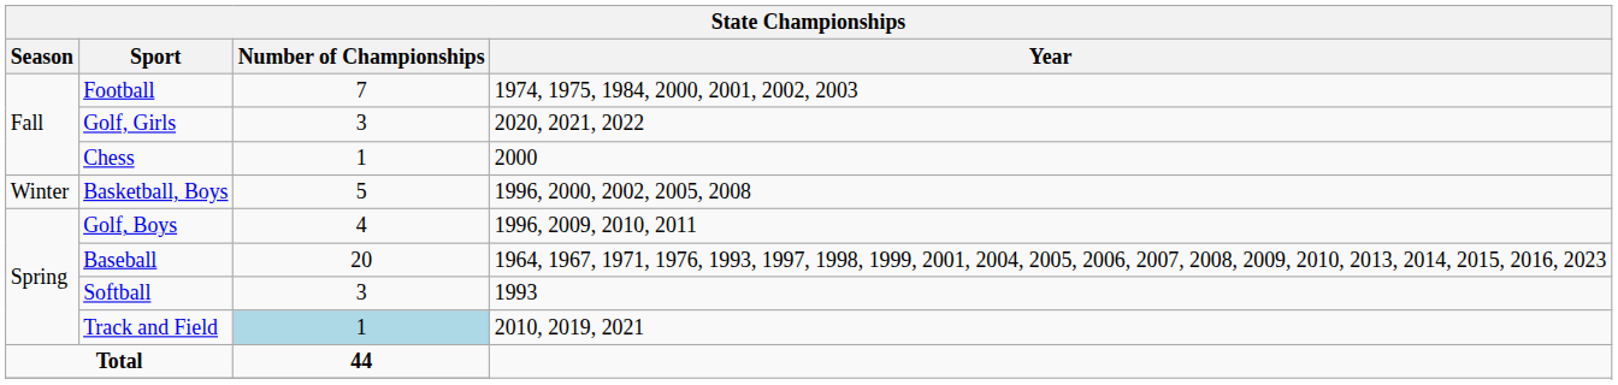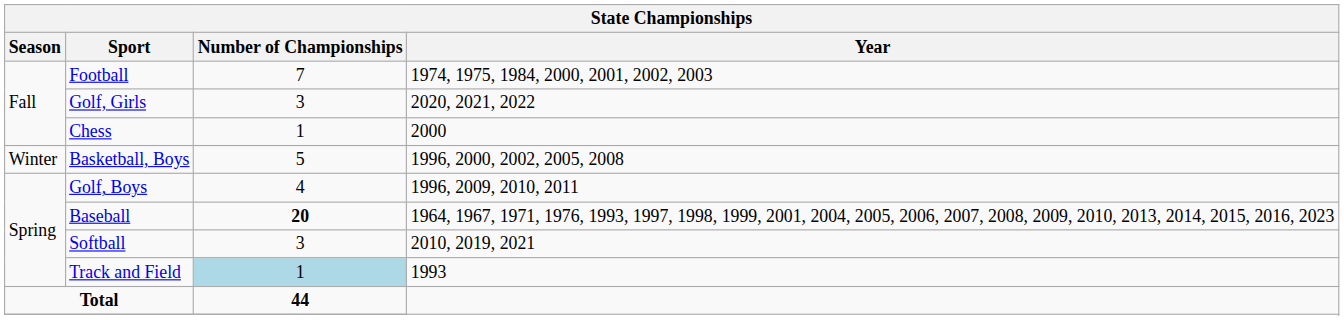 <table class="wikitable">
 <tr>
 <th colspan="4">State Championships</th>
 </tr>
 <tr>
 <th>Season</th>
 <th>Sport</th>
 <th>Number of Championships</th>
 <th>Year</th>
 </tr>
 <tr>
 <td rowspan="3">Fall</td>
 <td><a href='#'>Football</a></td>
 <td align="center">7</td>
 <td>1974, 1975, 1984, 2000, 2001, 2002, 2003</td>
 </tr>
 <tr>
 <td><a href='#'>Golf, Girls</a></td>
 <td align="center">3</td>
 <td>2020, 2021, 2022</td>
 </tr>
 <tr>
 <td><a href='#'>Chess</a></td>
 <td align="center">1</td>
 <td>2000</td>
 </tr>
 <tr>
 <td rowspan="1">Winter</td>
 <td><a href='#'>Basketball, Boys</a></td>
 <td align="center">5</td>
 <td>1996, 2000, 2002, 2005, 2008</td>
 </tr>
 <tr>
 <td rowspan="4">Spring</td>
 <td><a href='#'>Golf, Boys</a></td>
 <td align="center">4</td>
 <td>1996, 2009, 2010, 2011</td>
 </tr>
 <tr>
 <td><a href='#'>Baseball</a></td>
-<td align="center">20</td>
+<td align="center"><strong>20</strong></td>
 <td>1964, 1967, 1971, 1976, 1993, 1997, 1998, 1999, 2001, 2004, 2005, 2006, 2007, 2008, 2009, 2010, 2013, 2014, 2015, 2016, 2023</td>
 </tr>
 <tr>
 <td><a href='#'>Softball</a></td>
 <td align="center">3</td>
-<td>1993</td>
+<td>2010, 2019, 2021</td>
 </tr>
 <tr>
 <td><a href='#'>Track and Field</a></td>
 <td align="center" style="background: lightblue;">1</td>
-<td>2010, 2019, 2021</td>
+<td>1993</td>
 </tr>
 <tr>
 <td align="center" colspan="2"><strong>Total</strong></td>
 <td align="center"><strong>44</strong></td>
 </tr>
 <tr>
 </tr>
 </table>
